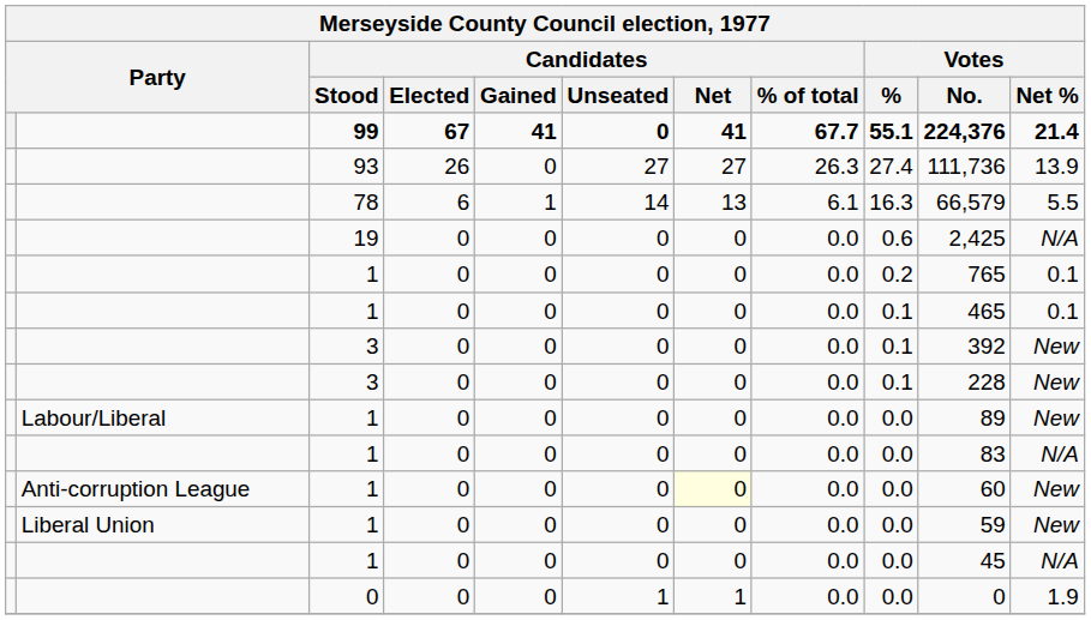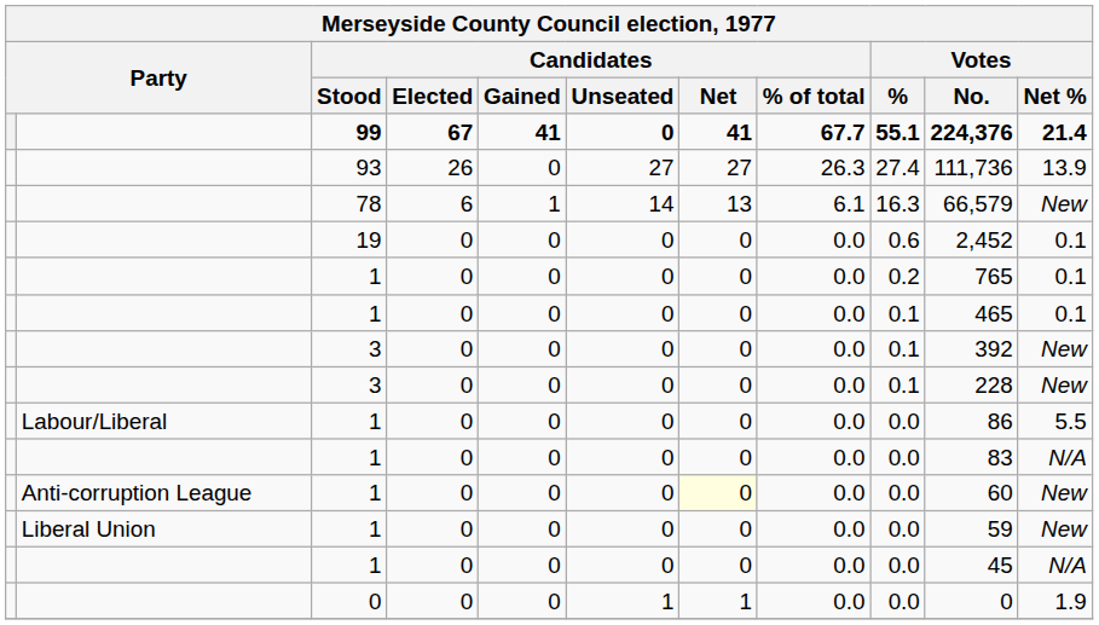 <table class="wikitable" style="font-size:95%">
 <tr>
 <th colspan="16" style="background-color:#f2f2f2">Merseyside County Council election, 1977</th>
 </tr>
 <tr style="vertical-align:center;">
 <th colspan="2" rowspan="2">Party</th>
 <th colspan="6" style="width: 30px">Candidates</th>
 <th colspan="5" style="width: 30px">Votes</th>
 </tr>
 <tr>
 <th>Stood</th>
 <th>Elected</th>
 <th>Gained</th>
 <th>Unseated</th>
 <th style="width: 45px">Net</th>
 <th>% of total</th>
 <th>%</th>
 <th>No.</th>
 <th>Net %</th>
 </tr>
 <tr>
 <th style="background-color: "></th>
 <td style="width: 190px"><a href='#'></a></td>
 <td style="text-align:right; "><strong>99</strong></td>
 <td style="text-align:right; "><strong>67</strong></td>
 <td style="text-align:right; "><strong>41</strong></td>
 <td style="text-align:right; "><strong>0</strong></td>
 <td style="text-align:right; "><span><strong>41</strong></span></td>
 <td style="text-align:right; "><strong>67.7</strong></td>
 <td style="text-align:right; "><strong>55.1</strong></td>
 <td style="text-align:right; "><strong>224,376</strong></td>
 <td style="text-align:right; "><span><strong>21.4</strong></span></td>
 </tr>
 <tr>
 <td style="background-color: "></td>
 <td style="width: 190px"><a href='#'></a></td>
 <td style="text-align:right; ">93</td>
 <td style="text-align:right; ">26</td>
 <td style="text-align:right; ">0</td>
 <td style="text-align:right; ">27</td>
 <td style="text-align:right; "><span>27</span></td>
 <td style="text-align:right; ">26.3</td>
 <td style="text-align:right; ">27.4</td>
 <td style="text-align:right; ">111,736</td>
 <td style="text-align:right; "><span>13.9</span></td>
 </tr>
 <tr>
 <td style="background-color: "></td>
 <td style="width: 190px"><a href='#'></a></td>
 <td style="text-align:right; ">78</td>
 <td style="text-align:right; ">6</td>
 <td style="text-align:right; ">1</td>
 <td style="text-align:right; ">14</td>
 <td style="text-align:right; "><span>13</span></td>
 <td style="text-align:right; ">6.1</td>
 <td style="text-align:right; ">16.3</td>
 <td style="text-align:right; ">66,579</td>
-<td style="text-align:right; "><span>5.5</span></td>
+<td style="text-align:right; "><em>New</em></td>
 </tr>
 <tr>
 <td style="background-color: "></td>
 <td style="width: 190px"><a href='#'></a></td>
 <td style="text-align:right; ">19</td>
 <td style="text-align:right; ">0</td>
 <td style="text-align:right; ">0</td>
 <td style="text-align:right; ">0</td>
 <td style="text-align:right; ">0</td>
 <td style="text-align:right; ">0.0</td>
 <td style="text-align:right; ">0.6</td>
-<td style="text-align:right; ">2,425</td>
-<td style="text-align:right; "><em>N/A</em></td>
+<td style="text-align:right; ">2,452</td>
+<td style="text-align:right; "><span>0.1</span></td>
 </tr>
 <tr>
 <td style="background-color: "></td>
 <td style="width: 190px"><a href='#'></a></td>
 <td style="text-align:right; ">1</td>
 <td style="text-align:right; ">0</td>
 <td style="text-align:right; ">0</td>
 <td style="text-align:right; ">0</td>
 <td style="text-align:right; ">0</td>
 <td style="text-align:right; ">0.0</td>
 <td style="text-align:right; ">0.2</td>
 <td style="text-align:right; ">765</td>
 <td style="text-align:right; "><span>0.1</span></td>
 </tr>
 <tr>
 <td style="background-color: "></td>
 <td style="width: 190px"><a href='#'></a></td>
 <td style="text-align:right; ">1</td>
 <td style="text-align:right; ">0</td>
 <td style="text-align:right; ">0</td>
 <td style="text-align:right; ">0</td>
 <td style="text-align:right; ">0</td>
 <td style="text-align:right; ">0.0</td>
 <td style="text-align:right; ">0.1</td>
 <td style="text-align:right; ">465</td>
 <td style="text-align:right; "><span>0.1</span></td>
 </tr>
 <tr>
 <td style="background-color: "></td>
 <td style="width: 190px"><a href='#'></a></td>
 <td style="text-align:right; ">3</td>
 <td style="text-align:right; ">0</td>
 <td style="text-align:right; ">0</td>
 <td style="text-align:right; ">0</td>
 <td style="text-align:right; ">0</td>
 <td style="text-align:right; ">0.0</td>
 <td style="text-align:right; ">0.1</td>
 <td style="text-align:right; ">392</td>
 <td style="text-align:right; "><em>New</em></td>
 </tr>
 <tr>
 <td style="background-color: "></td>
 <td style="width: 190px"><a href='#'></a></td>
 <td style="text-align:right; ">3</td>
 <td style="text-align:right; ">0</td>
 <td style="text-align:right; ">0</td>
 <td style="text-align:right; ">0</td>
 <td style="text-align:right; ">0</td>
 <td style="text-align:right; ">0.0</td>
 <td style="text-align:right; ">0.1</td>
 <td style="text-align:right; ">228</td>
 <td style="text-align:right; "><em>New</em></td>
 </tr>
 <tr>
 <td style="background-color: "></td>
 <td style="width: 190px">Labour/Liberal</td>
 <td style="text-align:right; ">1</td>
 <td style="text-align:right; ">0</td>
 <td style="text-align:right; ">0</td>
 <td style="text-align:right; ">0</td>
 <td style="text-align:right; ">0</td>
 <td style="text-align:right; ">0.0</td>
 <td style="text-align:right; ">0.0</td>
-<td style="text-align:right; ">89</td>
-<td style="text-align:right; "><em>New</em></td>
+<td style="text-align:right; ">86</td>
+<td style="text-align:right; "><span>5.5</span></td>
 </tr>
 <tr>
 <td style="background-color: "></td>
 <td style="width: 190px"><a href='#'></a></td>
 <td style="text-align:right; ">1</td>
 <td style="text-align:right; ">0</td>
 <td style="text-align:right; ">0</td>
 <td style="text-align:right; ">0</td>
 <td style="text-align:right; ">0</td>
 <td style="text-align:right; ">0.0</td>
 <td style="text-align:right; ">0.0</td>
 <td style="text-align:right; ">83</td>
 <td style="text-align:right; "><em>N/A</em></td>
 </tr>
 <tr>
 <td style="background-color: "></td>
 <td style="width: 190px">Anti-corruption League</td>
 <td style="text-align:right; ">1</td>
 <td style="text-align:right; ">0</td>
 <td style="text-align:right; ">0</td>
 <td style="text-align:right; ">0</td>
 <td style="background: lightyellow; text-align:right; ">0</td>
 <td style="text-align:right; ">0.0</td>
 <td style="text-align:right; ">0.0</td>
 <td style="text-align:right; ">60</td>
 <td style="text-align:right; "><em>New</em></td>
 </tr>
 <tr>
 <td style="background-color: "></td>
 <td style="width: 190px">Liberal Union</td>
 <td style="text-align:right; ">1</td>
 <td style="text-align:right; ">0</td>
 <td style="text-align:right; ">0</td>
 <td style="text-align:right; ">0</td>
 <td style="text-align:right; ">0</td>
 <td style="text-align:right; ">0.0</td>
 <td style="text-align:right; ">0.0</td>
 <td style="text-align:right; ">59</td>
 <td style="text-align:right; "><em>New</em></td>
 </tr>
 <tr>
 <td style="background-color: "></td>
 <td style="width: 190px"><a href='#'></a></td>
 <td style="text-align:right; ">1</td>
 <td style="text-align:right; ">0</td>
 <td style="text-align:right; ">0</td>
 <td style="text-align:right; ">0</td>
 <td style="text-align:right; ">0</td>
 <td style="text-align:right; ">0.0</td>
 <td style="text-align:right; ">0.0</td>
 <td style="text-align:right; ">45</td>
 <td style="text-align:right; "><em>N/A</em></td>
 </tr>
 <tr>
 <td style="background-color: "></td>
 <td style="width: 190px"><a href='#'></a></td>
 <td style="text-align:right; ">0</td>
 <td style="text-align:right; ">0</td>
 <td style="text-align:right; ">0</td>
 <td style="text-align:right; ">1</td>
 <td style="text-align:right; "><span>1</span></td>
 <td style="text-align:right; ">0.0</td>
 <td style="text-align:right; ">0.0</td>
 <td style="text-align:right; ">0</td>
 <td style="text-align:right; "><span>1.9</span></td>
 </tr>
 <tr>
 </tr>
 </table>
